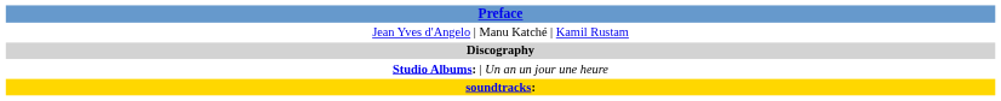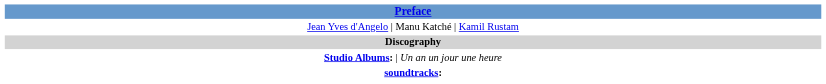 <table style="margin:0 auto; clear:both; text-align:center; width:90%; margin:auto;" class="toccolours">
 <tr>
 <td style="background:#69c;"><strong><a href='#'><span>Preface</span></a></strong></td>
 </tr>
 <tr>
 <td style="font-size:90%;"><a href='#'>Jean Yves d'Angelo</a> | Manu Katché | <a href='#'>Kamil Rustam</a></td>
 </tr>
 <tr>
 <th style="font-size:90%; background:lightgrey;">Discography</th>
 </tr>
 <tr>
 <td style="font-size:90%;"><strong><a href='#'>Studio Albums</a>:</strong> <em></em> | <em>Un an un jour une heure</em></td>
 </tr>
 <tr>
-<td style="background: gold; font-size:90%;"><strong><a href='#'>soundtracks</a>:</strong> <em></em></td>
+<td style="font-size:90%;"><strong><a href='#'>soundtracks</a>:</strong> <em></em></td>
 </tr>
 </table>
